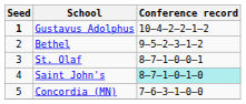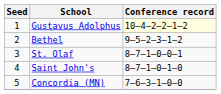 <table class="wikitable">
 <tr>
 <th>Seed</th>
 <th>School</th>
 <th>Conference record</th>
 </tr>
 <tr>
-<td align=center><strong>1</strong></td>
+<td align=center>1</td>
 <td><a href='#'>Gustavus Adolphus</a></td>
-<td>10–4–2–2–1–2</td>
+<td style="background: lightyellow;">10–4–2–2–1–2</td>
 </tr>
 <tr>
 <td align=center>2</td>
 <td><a href='#'>Bethel</a></td>
 <td>9–5–2–3–1–2</td>
 </tr>
 <tr>
 <td align=center>3</td>
 <td><a href='#'>St. Olaf</a></td>
 <td>8–7–1–0–0–1</td>
 </tr>
 <tr>
 <td align=center>4</td>
 <td><a href='#'>Saint John's</a></td>
-<td style="background: paleturquoise;">8–7–1–0–1–0</td>
+<td>8–7–1–0–1–0</td>
 </tr>
 <tr>
 <td align=center>5</td>
 <td><a href='#'>Concordia (MN)</a></td>
 <td>7–6–3–1–0–0</td>
 </tr>
 <tr>
 </tr>
 </table>
